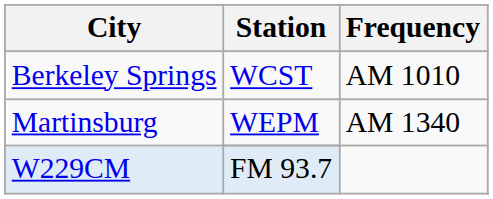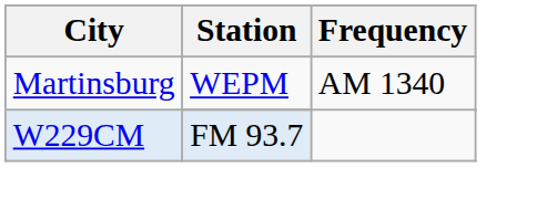 <table class="wikitable sortable">
 <tr>
 <th>City</th>
 <th>Station</th>
 <th>Frequency</th>
-</tr>
-<tr>
-<td><a href='#'>Berkeley Springs</a></td>
-<td><a href='#'>WCST</a></td>
-<td>AM 1010</td>
 </tr>
 <tr>
 <td rowspan=2><a href='#'>Martinsburg</a></td>
 <td><a href='#'>WEPM</a></td>
 <td>AM 1340</td>
 </tr>
 <tr>
 </tr>
 <tr style="background-color:#DFEBF6;">
 <td><a href='#'>W229CM</a></td>
 <td>FM 93.7</td>
 </tr>
 </table>
